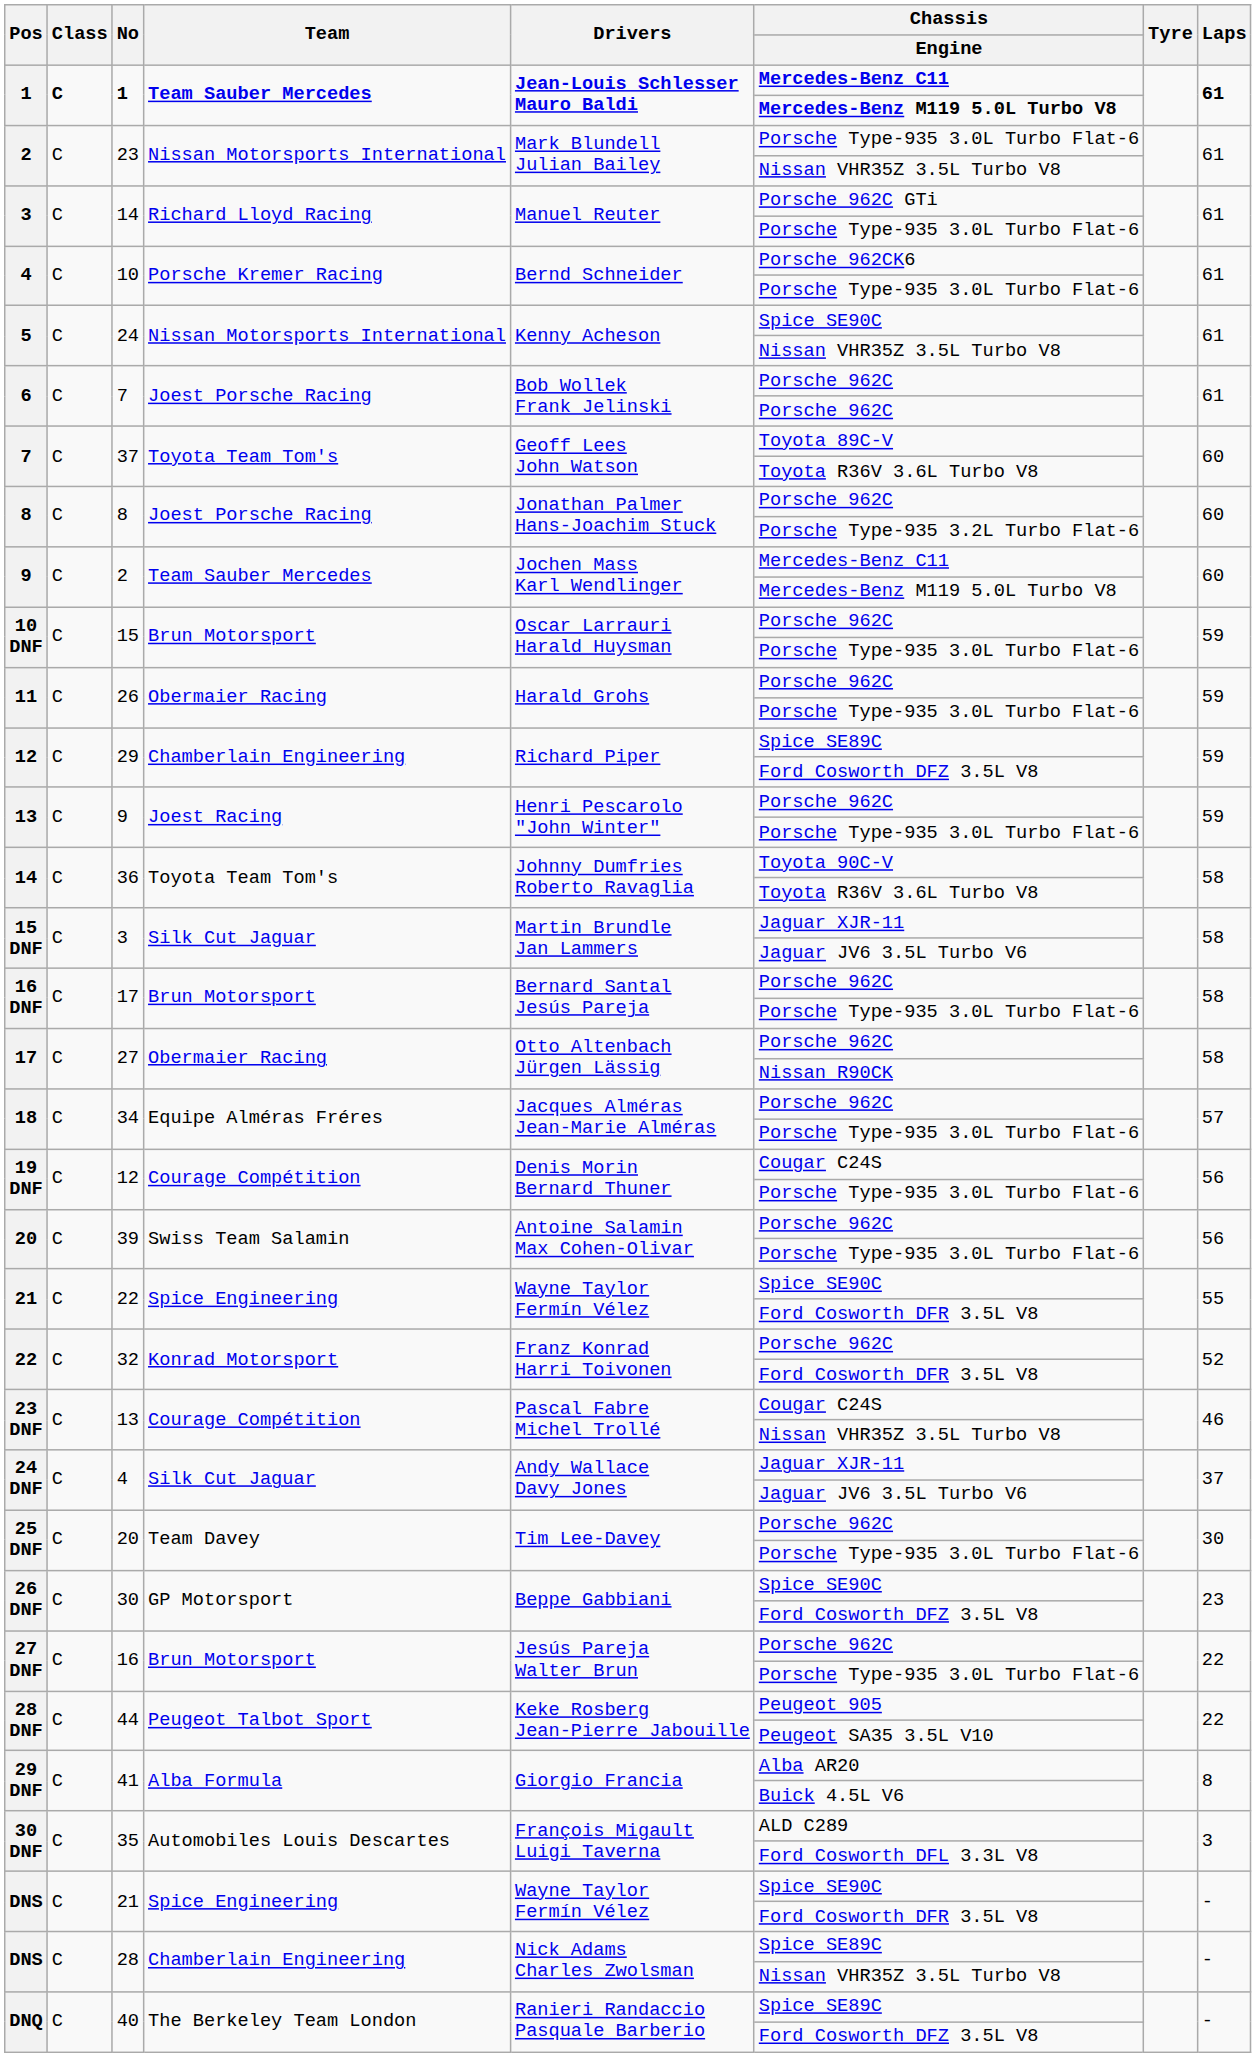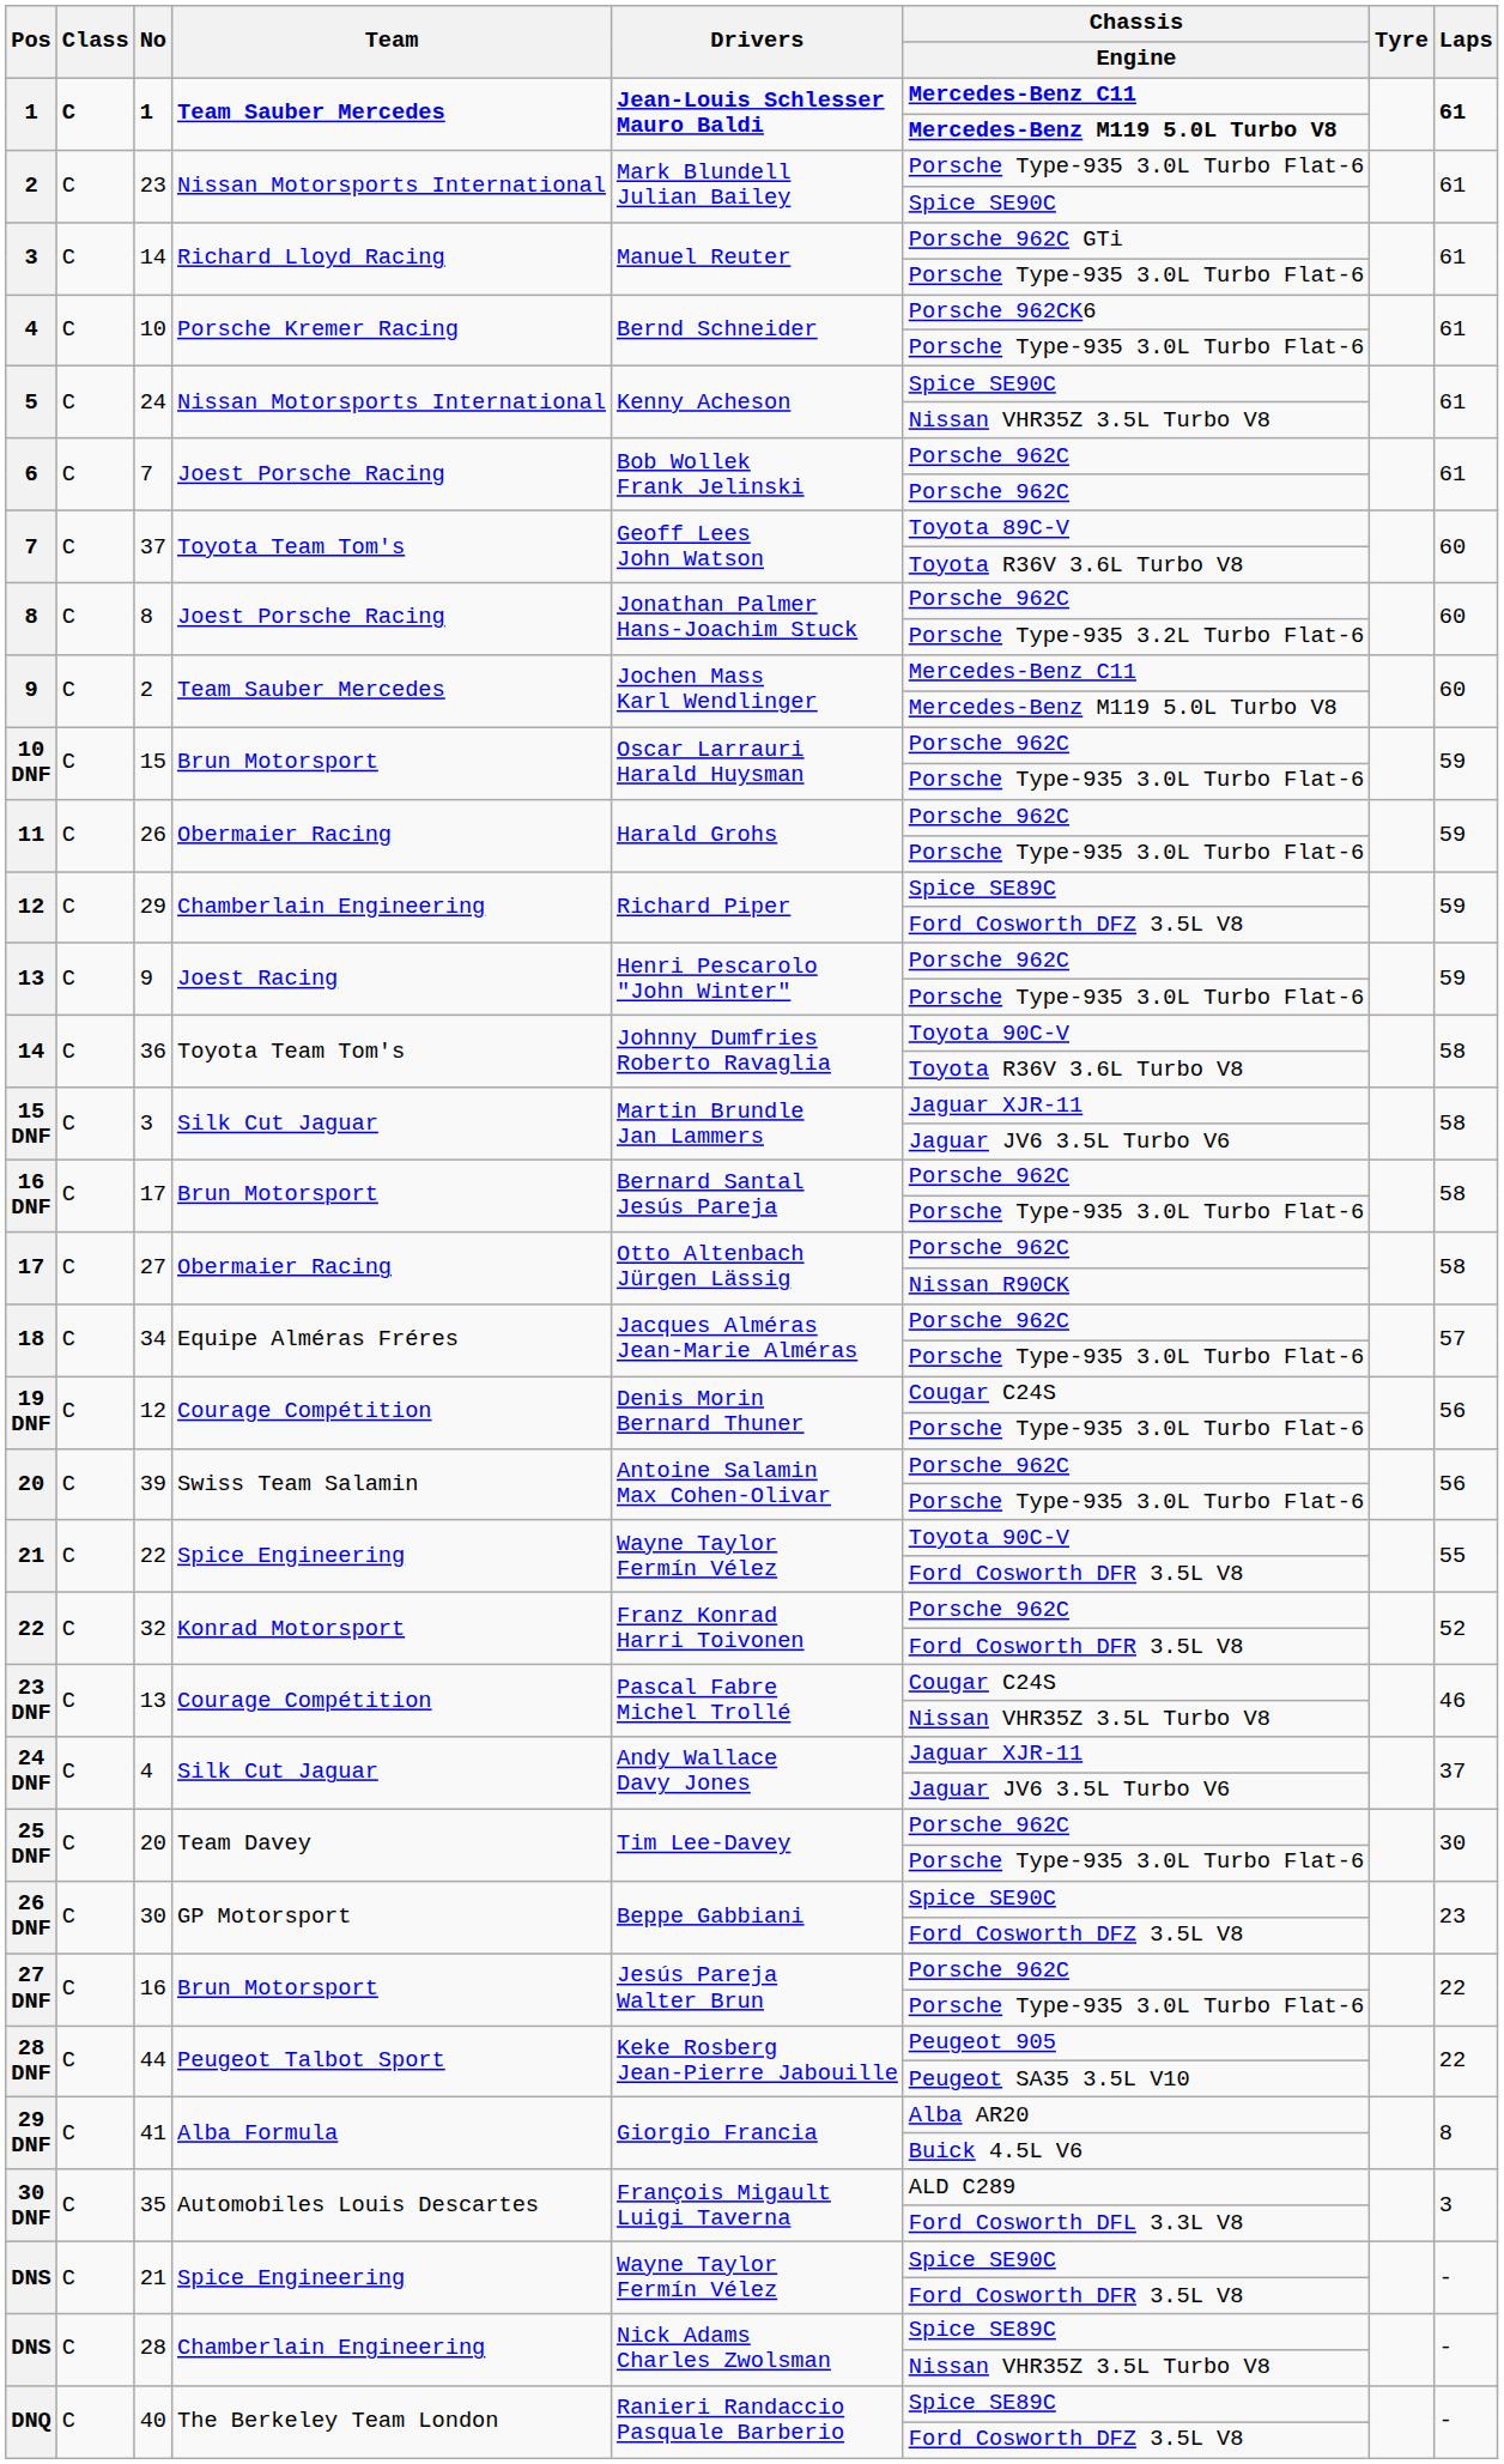 <table class="wikitable" style="font-size: 95%;">
 <tr>
 <th rowspan=2>Pos</th>
 <th rowspan=2>Class</th>
 <th rowspan=2>No</th>
 <th rowspan=2>Team</th>
 <th rowspan=2>Drivers</th>
 <th>Chassis</th>
 <th rowspan=2>Tyre</th>
 <th rowspan=2>Laps</th>
 </tr>
 <tr>
 <th>Engine</th>
 </tr>
 <tr style="font-weight:bold">
 <th rowspan=2>1</th>
 <td rowspan=2>C</td>
 <td rowspan=2>1</td>
 <td rowspan=2> <a href='#'>Team Sauber Mercedes</a></td>
 <td rowspan=2> <a href='#'>Jean-Louis Schlesser</a><br> <a href='#'>Mauro Baldi</a></td>
 <td><a href='#'>Mercedes-Benz C11</a></td>
 <td rowspan=2></td>
 <td rowspan=2>61</td>
 </tr>
 <tr style="font-weight:bold">
 <td><a href='#'>Mercedes-Benz</a> M119 5.0L Turbo V8</td>
 </tr>
 <tr>
 <th rowspan=2>2</th>
 <td rowspan=2>C</td>
 <td rowspan=2>23</td>
 <td rowspan=2> <a href='#'>Nissan Motorsports International</a></td>
 <td rowspan=2> <a href='#'>Mark Blundell</a><br> <a href='#'>Julian Bailey</a></td>
 <td><a href='#'>Porsche</a> Type-935 3.0L Turbo Flat-6</td>
 <td rowspan=2></td>
 <td rowspan=2>61</td>
 </tr>
 <tr>
-<td><a href='#'>Nissan</a> VHR35Z 3.5L Turbo V8</td>
+<td><a href='#'>Spice SE90C</a></td>
 </tr>
 <tr>
 <th rowspan=2>3</th>
 <td rowspan=2>C</td>
 <td rowspan=2>14</td>
 <td rowspan=2> <a href='#'>Richard Lloyd Racing</a></td>
 <td rowspan=2> <a href='#'>Manuel Reuter</a></td>
 <td><a href='#'>Porsche 962C</a> GTi</td>
 <td rowspan=2></td>
 <td rowspan=2>61</td>
 </tr>
 <tr>
 <td><a href='#'>Porsche</a> Type-935 3.0L Turbo Flat-6</td>
 </tr>
 <tr>
 <th rowspan=2>4</th>
 <td rowspan=2>C</td>
 <td rowspan=2>10</td>
 <td rowspan=2> <a href='#'>Porsche Kremer Racing</a></td>
 <td rowspan=2> <a href='#'>Bernd Schneider</a></td>
 <td><a href='#'>Porsche 962CK</a>6</td>
 <td rowspan=2></td>
 <td rowspan=2>61</td>
 </tr>
 <tr>
 <td><a href='#'>Porsche</a> Type-935 3.0L Turbo Flat-6</td>
 </tr>
 <tr>
 <th rowspan=2>5</th>
 <td rowspan=2>C</td>
 <td rowspan=2>24</td>
 <td rowspan=2> <a href='#'>Nissan Motorsports International</a></td>
 <td rowspan=2> <a href='#'>Kenny Acheson</a></td>
 <td><a href='#'>Spice SE90C</a></td>
 <td rowspan=2></td>
 <td rowspan=2>61</td>
 </tr>
 <tr>
 <td><a href='#'>Nissan</a> VHR35Z 3.5L Turbo V8</td>
 </tr>
 <tr>
 <th rowspan=2>6</th>
 <td rowspan=2>C</td>
 <td rowspan=2>7</td>
 <td rowspan=2> <a href='#'>Joest Porsche Racing</a></td>
 <td rowspan=2> <a href='#'>Bob Wollek</a><br> <a href='#'>Frank Jelinski</a></td>
 <td><a href='#'>Porsche 962C</a></td>
 <td rowspan=2></td>
 <td rowspan=2>61</td>
 </tr>
 <tr>
 <td><a href='#'>Porsche 962C</a></td>
 </tr>
 <tr>
 <th rowspan=2>7</th>
 <td rowspan=2>C</td>
 <td rowspan=2>37</td>
 <td rowspan=2> <a href='#'>Toyota Team Tom's</a></td>
 <td rowspan=2> <a href='#'>Geoff Lees</a><br> <a href='#'>John Watson</a></td>
 <td><a href='#'>Toyota 89C-V</a></td>
 <td rowspan=2></td>
 <td rowspan=2>60</td>
 </tr>
 <tr>
 <td><a href='#'>Toyota</a> R36V 3.6L Turbo V8</td>
 </tr>
 <tr>
 <th rowspan=2>8</th>
 <td rowspan=2>C</td>
 <td rowspan=2>8</td>
 <td rowspan=2> <a href='#'>Joest Porsche Racing</a></td>
 <td rowspan=2> <a href='#'>Jonathan Palmer</a><br> <a href='#'>Hans-Joachim Stuck</a></td>
 <td><a href='#'>Porsche 962C</a></td>
 <td rowspan=2></td>
 <td rowspan=2>60</td>
 </tr>
 <tr>
 <td><a href='#'>Porsche</a> Type-935 3.2L Turbo Flat-6</td>
 </tr>
 <tr>
 <th rowspan=2>9</th>
 <td rowspan=2>C</td>
 <td rowspan=2>2</td>
 <td rowspan=2> <a href='#'>Team Sauber Mercedes</a></td>
 <td rowspan=2> <a href='#'>Jochen Mass</a><br> <a href='#'>Karl Wendlinger</a></td>
 <td><a href='#'>Mercedes-Benz C11</a></td>
 <td rowspan=2></td>
 <td rowspan=2>60</td>
 </tr>
 <tr>
 <td><a href='#'>Mercedes-Benz</a> M119 5.0L Turbo V8</td>
 </tr>
 <tr>
 <th rowspan=2>10<br>DNF</th>
 <td rowspan=2>C</td>
 <td rowspan=2>15</td>
 <td rowspan=2> <a href='#'>Brun Motorsport</a></td>
 <td rowspan=2> <a href='#'>Oscar Larrauri</a><br> <a href='#'>Harald Huysman</a></td>
 <td><a href='#'>Porsche 962C</a></td>
 <td rowspan=2></td>
 <td rowspan=2>59</td>
 </tr>
 <tr>
 <td><a href='#'>Porsche</a> Type-935 3.0L Turbo Flat-6</td>
 </tr>
 <tr>
 <th rowspan=2>11</th>
 <td rowspan=2>C</td>
 <td rowspan=2>26</td>
 <td rowspan=2> <a href='#'>Obermaier Racing</a></td>
 <td rowspan=2> <a href='#'>Harald Grohs</a></td>
 <td><a href='#'>Porsche 962C</a></td>
 <td rowspan=2></td>
 <td rowspan=2>59</td>
 </tr>
 <tr>
 <td><a href='#'>Porsche</a> Type-935 3.0L Turbo Flat-6</td>
 </tr>
 <tr>
 <th rowspan=2>12</th>
 <td rowspan=2>C</td>
 <td rowspan=2>29</td>
 <td rowspan=2> <a href='#'>Chamberlain Engineering</a></td>
 <td rowspan=2> <a href='#'>Richard Piper</a></td>
 <td><a href='#'>Spice SE89C</a></td>
 <td rowspan=2></td>
 <td rowspan=2>59</td>
 </tr>
 <tr>
 <td><a href='#'>Ford Cosworth DFZ</a> 3.5L V8</td>
 </tr>
 <tr>
 <th rowspan=2>13</th>
 <td rowspan=2>C</td>
 <td rowspan=2>9</td>
 <td rowspan=2> <a href='#'>Joest Racing</a></td>
 <td rowspan=2> <a href='#'>Henri Pescarolo</a><br> <a href='#'>"John Winter"</a></td>
 <td><a href='#'>Porsche 962C</a></td>
 <td rowspan=2></td>
 <td rowspan=2>59</td>
 </tr>
 <tr>
 <td><a href='#'>Porsche</a> Type-935 3.0L Turbo Flat-6</td>
 </tr>
 <tr>
 <th rowspan=2>14</th>
 <td rowspan=2>C</td>
 <td rowspan=2>36</td>
 <td rowspan=2> Toyota Team Tom's</td>
 <td rowspan=2> <a href='#'>Johnny Dumfries</a><br> <a href='#'>Roberto Ravaglia</a></td>
 <td><a href='#'>Toyota 90C-V</a></td>
 <td rowspan=2></td>
 <td rowspan=2>58</td>
 </tr>
 <tr>
 <td><a href='#'>Toyota</a> R36V 3.6L Turbo V8</td>
 </tr>
 <tr>
 <th rowspan=2>15<br>DNF</th>
 <td rowspan=2>C</td>
 <td rowspan=2>3</td>
 <td rowspan=2> <a href='#'>Silk Cut Jaguar</a></td>
 <td rowspan=2> <a href='#'>Martin Brundle</a><br> <a href='#'>Jan Lammers</a></td>
 <td><a href='#'>Jaguar XJR-11</a></td>
 <td rowspan=2></td>
 <td rowspan=2>58</td>
 </tr>
 <tr>
 <td><a href='#'>Jaguar</a> JV6 3.5L Turbo V6</td>
 </tr>
 <tr>
 <th rowspan=2>16<br>DNF</th>
 <td rowspan=2>C</td>
 <td rowspan=2>17</td>
 <td rowspan=2> <a href='#'>Brun Motorsport</a></td>
 <td rowspan=2> <a href='#'>Bernard Santal</a><br> <a href='#'>Jesús Pareja</a></td>
 <td><a href='#'>Porsche 962C</a></td>
 <td rowspan=2></td>
 <td rowspan=2>58</td>
 </tr>
 <tr>
 <td><a href='#'>Porsche</a> Type-935 3.0L Turbo Flat-6</td>
 </tr>
 <tr>
 <th rowspan=2>17</th>
 <td rowspan=2>C</td>
 <td rowspan=2>27</td>
 <td rowspan=2> <a href='#'>Obermaier Racing</a></td>
 <td rowspan=2> <a href='#'>Otto Altenbach</a><br> <a href='#'>Jürgen Lässig</a></td>
 <td><a href='#'>Porsche 962C</a></td>
 <td rowspan=2></td>
 <td rowspan=2>58</td>
 </tr>
 <tr>
 <td><a href='#'>Nissan R90CK</a></td>
 </tr>
 <tr>
 <th rowspan=2>18</th>
 <td rowspan=2>C</td>
 <td rowspan=2>34</td>
 <td rowspan=2> Equipe Alméras Fréres</td>
 <td rowspan=2> <a href='#'>Jacques Alméras</a><br> <a href='#'>Jean-Marie Alméras</a></td>
 <td><a href='#'>Porsche 962C</a></td>
 <td rowspan=2></td>
 <td rowspan=2>57</td>
 </tr>
 <tr>
 <td><a href='#'>Porsche</a> Type-935 3.0L Turbo Flat-6</td>
 </tr>
 <tr>
 <th rowspan=2>19<br>DNF</th>
 <td rowspan=2>C</td>
 <td rowspan=2>12</td>
 <td rowspan=2> <a href='#'>Courage Compétition</a></td>
 <td rowspan=2> <a href='#'>Denis Morin</a><br> <a href='#'>Bernard Thuner</a></td>
 <td><a href='#'>Cougar</a> C24S</td>
 <td rowspan=2></td>
 <td rowspan=2>56</td>
 </tr>
 <tr>
 <td><a href='#'>Porsche</a> Type-935 3.0L Turbo Flat-6</td>
 </tr>
 <tr>
 <th rowspan=2>20</th>
 <td rowspan=2>C</td>
 <td rowspan=2>39</td>
 <td rowspan=2> Swiss Team Salamin</td>
 <td rowspan=2> <a href='#'>Antoine Salamin</a><br> <a href='#'>Max Cohen-Olivar</a></td>
 <td><a href='#'>Porsche 962C</a></td>
 <td rowspan=2></td>
 <td rowspan=2>56</td>
 </tr>
 <tr>
 <td><a href='#'>Porsche</a> Type-935 3.0L Turbo Flat-6</td>
 </tr>
 <tr>
 <th rowspan=2>21</th>
 <td rowspan=2>C</td>
 <td rowspan=2>22</td>
 <td rowspan=2> <a href='#'>Spice Engineering</a></td>
 <td rowspan=2> <a href='#'>Wayne Taylor</a><br> <a href='#'>Fermín Vélez</a></td>
-<td><a href='#'>Spice SE90C</a></td>
+<td><a href='#'>Toyota 90C-V</a></td>
 <td rowspan=2></td>
 <td rowspan=2>55</td>
 </tr>
 <tr>
 <td><a href='#'>Ford Cosworth DFR</a> 3.5L V8</td>
 </tr>
 <tr>
 <th rowspan=2>22</th>
 <td rowspan=2>C</td>
 <td rowspan=2>32</td>
 <td rowspan=2> <a href='#'>Konrad Motorsport</a></td>
 <td rowspan=2> <a href='#'>Franz Konrad</a><br> <a href='#'>Harri Toivonen</a></td>
 <td><a href='#'>Porsche 962C</a></td>
 <td rowspan=2></td>
 <td rowspan=2>52</td>
 </tr>
 <tr>
 <td><a href='#'>Ford Cosworth DFR</a> 3.5L V8</td>
 </tr>
 <tr>
 <th rowspan=2>23<br>DNF</th>
 <td rowspan=2>C</td>
 <td rowspan=2>13</td>
 <td rowspan=2> <a href='#'>Courage Compétition</a></td>
 <td rowspan=2> <a href='#'>Pascal Fabre</a><br> <a href='#'>Michel Trollé</a></td>
 <td><a href='#'>Cougar</a> C24S</td>
 <td rowspan=2></td>
 <td rowspan=2>46</td>
 </tr>
 <tr>
 <td><a href='#'>Nissan</a> VHR35Z 3.5L Turbo V8</td>
 </tr>
 <tr>
 <th rowspan=2>24<br>DNF</th>
 <td rowspan=2>C</td>
 <td rowspan=2>4</td>
 <td rowspan=2> <a href='#'>Silk Cut Jaguar</a></td>
 <td rowspan=2> <a href='#'>Andy Wallace</a><br> <a href='#'>Davy Jones</a></td>
 <td><a href='#'>Jaguar XJR-11</a></td>
 <td rowspan=2></td>
 <td rowspan=2>37</td>
 </tr>
 <tr>
 <td><a href='#'>Jaguar</a> JV6 3.5L Turbo V6</td>
 </tr>
 <tr>
 <th rowspan=2>25<br>DNF</th>
 <td rowspan=2>C</td>
 <td rowspan=2>20</td>
 <td rowspan=2> Team Davey</td>
 <td rowspan=2> <a href='#'>Tim Lee-Davey</a></td>
 <td><a href='#'>Porsche 962C</a></td>
 <td rowspan=2></td>
 <td rowspan=2>30</td>
 </tr>
 <tr>
 <td><a href='#'>Porsche</a> Type-935 3.0L Turbo Flat-6</td>
 </tr>
 <tr>
 <th rowspan=2>26<br>DNF</th>
 <td rowspan=2>C</td>
 <td rowspan=2>30</td>
 <td rowspan=2> GP Motorsport</td>
 <td rowspan=2> <a href='#'>Beppe Gabbiani</a></td>
 <td><a href='#'>Spice SE90C</a></td>
 <td rowspan=2></td>
 <td rowspan=2>23</td>
 </tr>
 <tr>
 <td><a href='#'>Ford Cosworth DFZ</a> 3.5L V8</td>
 </tr>
 <tr>
 <th rowspan=2>27<br>DNF</th>
 <td rowspan=2>C</td>
 <td rowspan=2>16</td>
 <td rowspan=2> <a href='#'>Brun Motorsport</a></td>
 <td rowspan=2> <a href='#'>Jesús Pareja</a><br> <a href='#'>Walter Brun</a></td>
 <td><a href='#'>Porsche 962C</a></td>
 <td rowspan=2></td>
 <td rowspan=2>22</td>
 </tr>
 <tr>
 <td><a href='#'>Porsche</a> Type-935 3.0L Turbo Flat-6</td>
 </tr>
 <tr>
 <th rowspan=2>28<br>DNF</th>
 <td rowspan=2>C</td>
 <td rowspan=2>44</td>
 <td rowspan=2> <a href='#'>Peugeot Talbot Sport</a></td>
 <td rowspan=2> <a href='#'>Keke Rosberg</a><br> <a href='#'>Jean-Pierre Jabouille</a></td>
 <td><a href='#'>Peugeot 905</a></td>
 <td rowspan=2></td>
 <td rowspan=2>22</td>
 </tr>
 <tr>
 <td><a href='#'>Peugeot</a> SA35 3.5L V10</td>
 </tr>
 <tr>
 <th rowspan=2>29<br>DNF</th>
 <td rowspan=2>C</td>
 <td rowspan=2>41</td>
 <td rowspan=2> <a href='#'>Alba Formula</a></td>
 <td rowspan=2> <a href='#'>Giorgio Francia</a></td>
 <td><a href='#'>Alba</a> AR20</td>
 <td rowspan=2></td>
 <td rowspan=2>8</td>
 </tr>
 <tr>
 <td><a href='#'>Buick</a> 4.5L V6</td>
 </tr>
 <tr>
 <th rowspan=2>30<br>DNF</th>
 <td rowspan=2>C</td>
 <td rowspan=2>35</td>
 <td rowspan=2> Automobiles Louis Descartes</td>
 <td rowspan=2> <a href='#'>François Migault</a><br> <a href='#'>Luigi Taverna</a></td>
 <td>ALD C289</td>
 <td rowspan=2></td>
 <td rowspan=2>3</td>
 </tr>
 <tr>
 <td><a href='#'>Ford Cosworth DFL</a> 3.3L V8</td>
 </tr>
 <tr>
 <th rowspan=2>DNS</th>
 <td rowspan=2>C</td>
 <td rowspan=2>21</td>
 <td rowspan=2> <a href='#'>Spice Engineering</a></td>
 <td rowspan=2> <a href='#'>Wayne Taylor</a><br> <a href='#'>Fermín Vélez</a></td>
 <td><a href='#'>Spice SE90C</a></td>
 <td rowspan=2></td>
 <td rowspan=2>-</td>
 </tr>
 <tr>
 <td><a href='#'>Ford Cosworth DFR</a> 3.5L V8</td>
 </tr>
 <tr>
 <th rowspan=2>DNS</th>
 <td rowspan=2>C</td>
 <td rowspan=2>28</td>
 <td rowspan=2> <a href='#'>Chamberlain Engineering</a></td>
 <td rowspan=2> <a href='#'>Nick Adams</a><br> <a href='#'>Charles Zwolsman</a></td>
 <td><a href='#'>Spice SE89C</a></td>
 <td rowspan=2></td>
 <td rowspan=2>-</td>
 </tr>
 <tr>
 <td><a href='#'>Nissan</a> VHR35Z 3.5L Turbo V8</td>
 </tr>
 <tr>
 <th rowspan=2>DNQ</th>
 <td rowspan=2>C</td>
 <td rowspan=2>40</td>
 <td rowspan=2> The Berkeley Team London</td>
 <td rowspan=2> <a href='#'>Ranieri Randaccio</a><br> <a href='#'>Pasquale Barberio</a></td>
 <td><a href='#'>Spice SE89C</a></td>
 <td rowspan=2></td>
 <td rowspan=2>-</td>
 </tr>
 <tr>
 <td><a href='#'>Ford Cosworth DFZ</a> 3.5L V8</td>
 </tr>
 </table>
